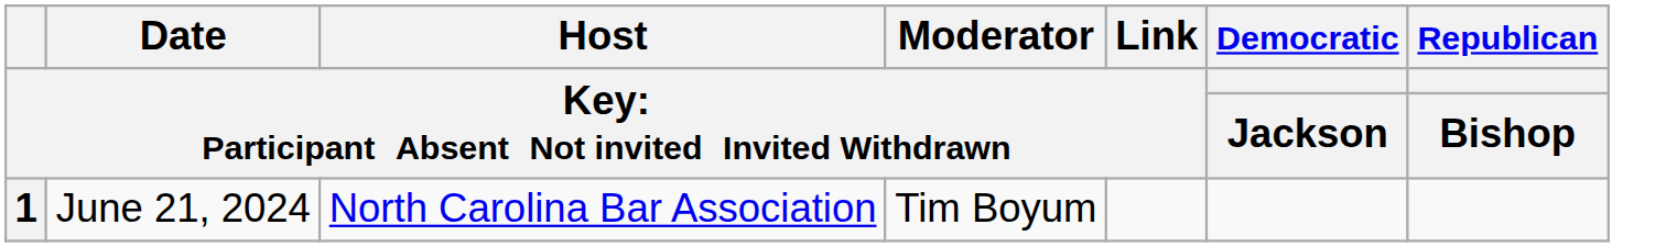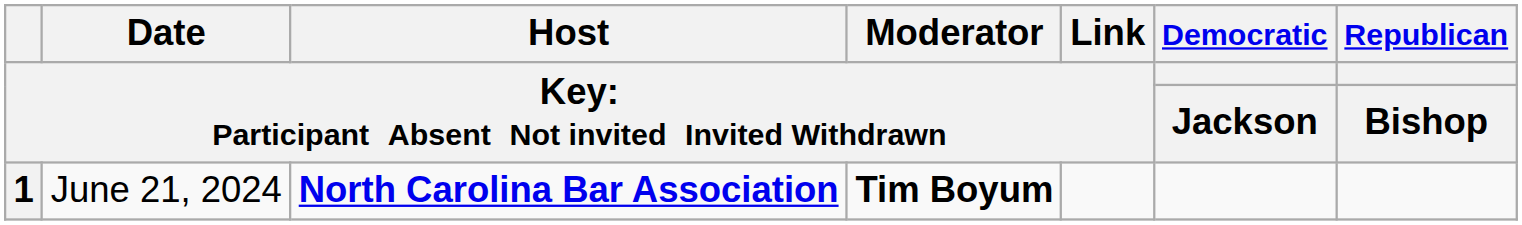 <table class="wikitable" style="text-align:center;">
 <tr>
 <th scope="col"></th>
 <th scope="col">Date</th>
 <th scope="col">Host</th>
 <th scope="col">Moderator</th>
 <th scope="col">Link</th>
 <th scope="col"><small><a href='#'>Democratic</a></small></th>
 <th scope="col"><small><a href='#'>Republican</a></small></th>
 </tr>
 <tr>
 <th colspan="5" rowspan="2">Key:<br> <small>Participant </small>  <small>Absent </small>  <small>Not invited </small>  <small>Invited  Withdrawn</small></th>
 <th scope="col" style="background:"></th>
 <th scope="col" style="background:"></th>
 </tr>
 <tr>
 <th scope="col">Jackson</th>
 <th scope="col">Bishop</th>
 </tr>
 <tr>
 <th>1</th>
 <td style="white-space:nowrap;">June 21, 2024</td>
-<td style="white-space:nowrap;"><a href='#'>North Carolina Bar Association</a></td>
-<td style="white-space:nowrap;">Tim Boyum</td>
+<td style="white-space:nowrap;"><strong><a href='#'>North Carolina Bar Association</a></strong></td>
+<td style="white-space:nowrap;"><strong>Tim Boyum</strong></td>
 <td style="white-space:nowrap;"></td>
 <td></td>
 <td></td>
 </tr>
 </table>
